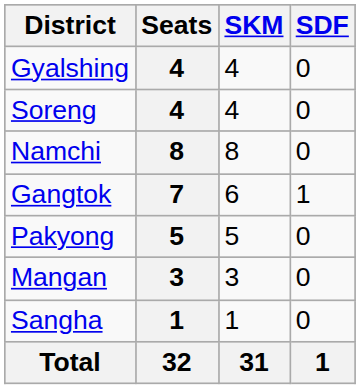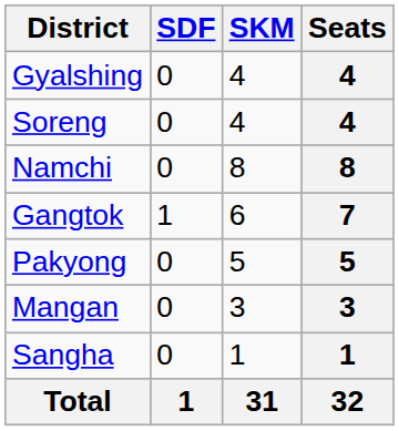 <table class="wikitable defaultcenter col1left" style="font-size: 100%">
 <tr>
 <th>District</th>
+<th><a href='#'>SDF</a></th>
+<th><a href='#'>SKM</a></th>
 <th>Seats</th>
-<th><a href='#'>SKM</a></th>
-<th><a href='#'>SDF</a></th>
 </tr>
 <tr>
 <td><a href='#'>Gyalshing</a></td>
+<td>0</td>
+<td style="background:">4</td>
 <th>4</th>
-<td style="background:">4</td>
-<td>0</td>
 </tr>
 <tr>
 <td><a href='#'>Soreng</a></td>
+<td>0</td>
+<td style="background:">4</td>
 <th>4</th>
-<td style="background:">4</td>
-<td>0</td>
 </tr>
 <tr>
 <td><a href='#'>Namchi</a></td>
+<td>0</td>
+<td style="background:">8</td>
 <th>8</th>
-<td style="background:">8</td>
-<td>0</td>
 </tr>
 <tr>
 <td><a href='#'>Gangtok</a></td>
+<td>1</td>
+<td style="background:">6</td>
 <th>7</th>
-<td style="background:">6</td>
-<td>1</td>
 </tr>
 <tr>
 <td><a href='#'>Pakyong</a></td>
+<td>0</td>
+<td style="background:">5</td>
 <th>5</th>
-<td style="background:">5</td>
-<td>0</td>
 </tr>
 <tr>
 <td><a href='#'>Mangan</a></td>
+<td>0</td>
+<td style="background:">3</td>
 <th>3</th>
-<td style="background:">3</td>
-<td>0</td>
 </tr>
 <tr>
 <td><a href='#'>Sangha</a></td>
+<td>0</td>
+<td style="background:">1</td>
 <th>1</th>
-<td style="background:">1</td>
-<td>0</td>
 </tr>
 <tr>
 <th>Total</th>
+<th>1</th>
+<th>31</th>
 <th>32</th>
-<th>31</th>
-<th>1</th>
 </tr>
 </table>
